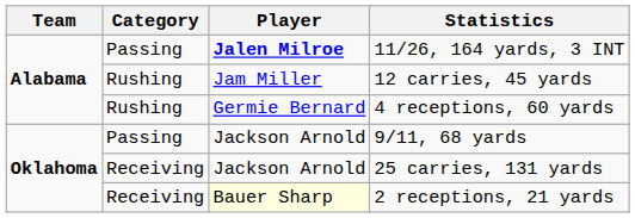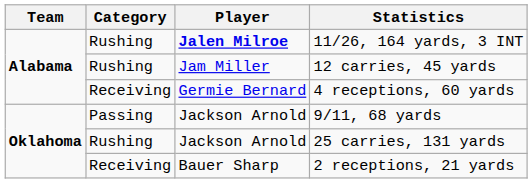 <table class="wikitable" style="float: right;">
 <tr>
 <th>Team</th>
 <th>Category</th>
 <th>Player</th>
 <th>Statistics</th>
 </tr>
 <tr>
 <td rowspan=3><strong>Alabama  </strong></td>
-<td>Passing</td>
+<td>Rushing</td>
 <td><strong><a href='#'>Jalen Milroe</a></strong></td>
 <td>11/26, 164 yards, 3 INT</td>
 </tr>
 <tr>
 <td>Rushing</td>
 <td><a href='#'>Jam Miller</a></td>
 <td>12 carries, 45 yards</td>
 </tr>
 <tr>
-<td>Rushing</td>
+<td>Receiving</td>
 <td><a href='#'>Germie Bernard</a></td>
 <td>4 receptions, 60 yards</td>
 </tr>
 <tr>
 <td rowspan=3><strong>Oklahoma </strong></td>
 <td>Passing</td>
 <td>Jackson Arnold</td>
 <td>9/11, 68 yards</td>
 </tr>
 <tr>
-<td>Receiving</td>
+<td>Rushing</td>
 <td>Jackson Arnold</td>
 <td>25 carries, 131 yards</td>
 </tr>
 <tr>
 <td>Receiving</td>
-<td style="background: lightyellow;">Bauer Sharp</td>
+<td>Bauer Sharp</td>
 <td>2 receptions, 21 yards</td>
 </tr>
 </table>
